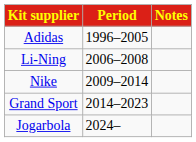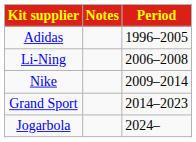 <table class="wikitable" style="text-align:left;">
 <tr>
 <th style="text-align: center; background-color:#DB2017; color:#FFFF00">Kit supplier</th>
+<th style="text-align: center; background-color:#DB2017; color:#FFFF00">Notes</th>
 <th style="text-align: center; background-color:#DB2017; color:#FFFF00">Period</th>
-<th style="text-align: center; background-color:#DB2017; color:#FFFF00">Notes</th>
 </tr>
 <tr>
 <td style="text-align:center">  <a href='#'>Adidas</a></td>
+<td></td>
 <td>1996–2005</td>
-<td></td>
 </tr>
 <tr>
 <td style="text-align:center">  <a href='#'>Li-Ning</a></td>
+<td></td>
 <td>2006–2008</td>
-<td></td>
 </tr>
 <tr>
 <td style="text-align:center">  <a href='#'>Nike</a></td>
+<td></td>
 <td>2009–2014</td>
-<td></td>
 </tr>
 <tr>
 <td style="text-align:center"> <a href='#'>Grand Sport</a></td>
+<td></td>
 <td>2014–2023</td>
-<td></td>
 </tr>
 <tr>
 <td style="text-align:center">  <a href='#'>Jogarbola</a></td>
+<td></td>
 <td>2024–</td>
-<td></td>
 </tr>
 </table>
